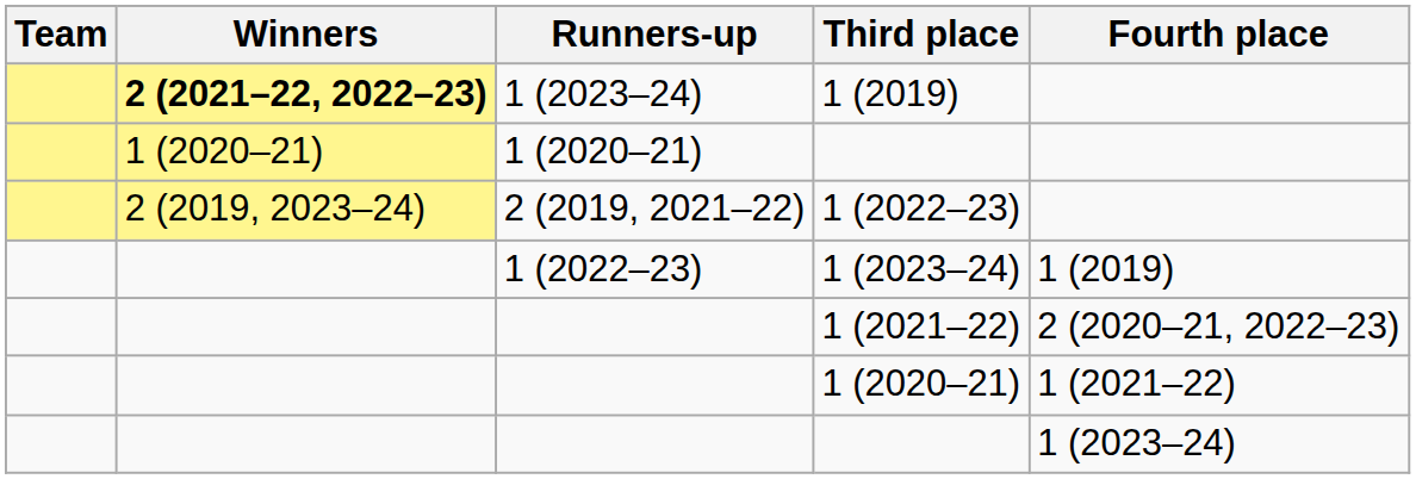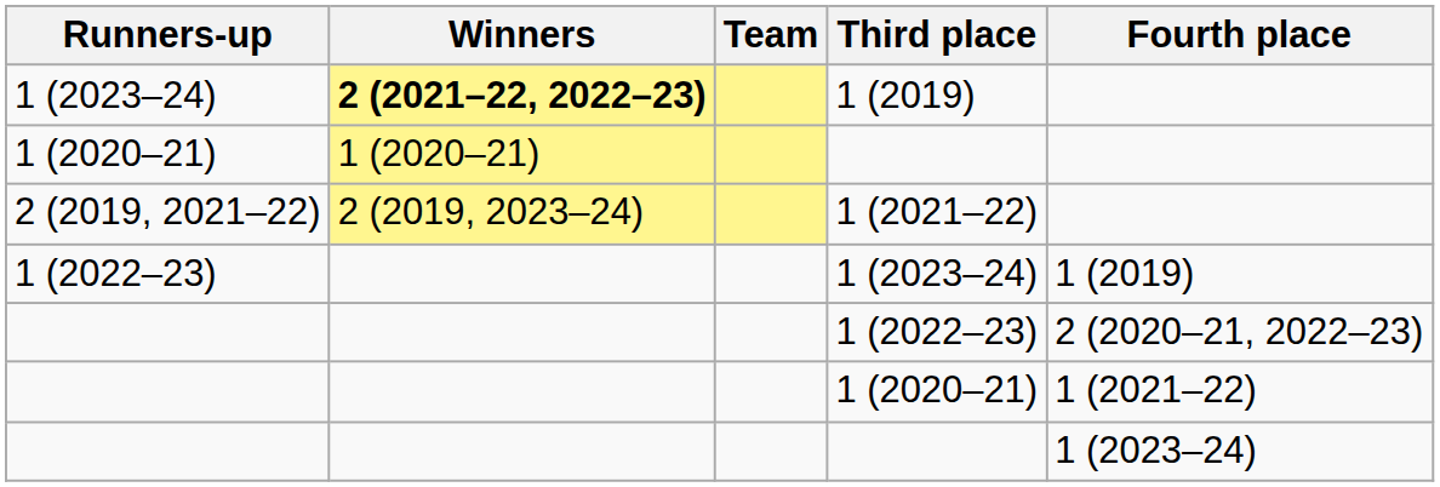 <table class="wikitable sortable">
 <tr>
+<th>Runners-up</th>
+<th>Winners</th>
 <th>Team</th>
-<th>Winners</th>
-<th>Runners-up</th>
 <th>Third place</th>
 <th>Fourth place</th>
 </tr>
 <tr>
+<td>1 (2023–24)</td>
+<td style=background:#FFF68F><strong>2 (2021–22, 2022–23)</strong></td>
 <td style=background:#FFF68F></td>
-<td style=background:#FFF68F><strong>2 (2021–22, 2022–23)</strong></td>
-<td>1 (2023–24)</td>
 <td>1 (2019)</td>
 <td></td>
 </tr>
 <tr>
+<td>1 (2020–21)</td>
+<td style=background:#FFF68F>1 (2020–21)</td>
 <td style=background:#FFF68F></td>
-<td style=background:#FFF68F>1 (2020–21)</td>
-<td>1 (2020–21)</td>
 <td></td>
 <td></td>
 </tr>
 <tr>
+<td>2 (2019, 2021–22)</td>
+<td style=background:#FFF68F>2 (2019, 2023–24)</td>
 <td style=background:#FFF68F></td>
-<td style=background:#FFF68F>2 (2019, 2023–24)</td>
-<td>2 (2019, 2021–22)</td>
-<td>1 (2022–23)</td>
+<td>1 (2021–22)</td>
 <td></td>
 </tr>
 <tr>
+<td>1 (2022–23)</td>
 <td></td>
 <td></td>
-<td>1 (2022–23)</td>
 <td>1 (2023–24)</td>
 <td>1 (2019)</td>
 </tr>
 <tr>
 <td></td>
 <td></td>
 <td></td>
-<td>1 (2021–22)</td>
+<td>1 (2022–23)</td>
 <td>2 (2020–21, 2022–23)</td>
 </tr>
 <tr>
 <td></td>
 <td></td>
 <td></td>
 <td>1 (2020–21)</td>
 <td>1 (2021–22)</td>
 </tr>
 <tr>
 <td></td>
 <td></td>
 <td></td>
 <td></td>
 <td>1 (2023–24)</td>
 </tr>
 </table>
